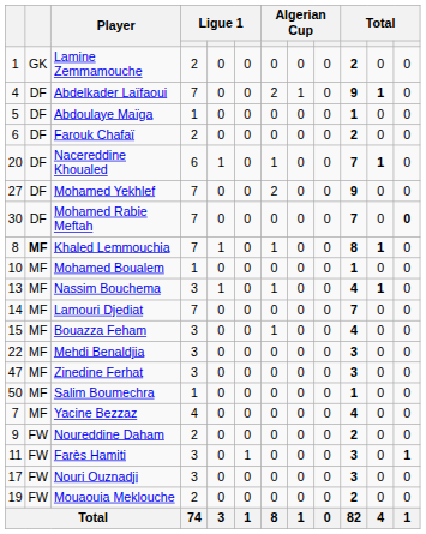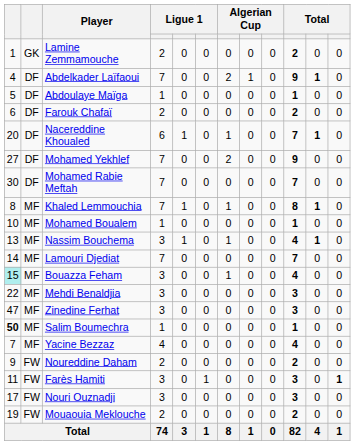 <table class="wikitable sortable nowrap" style="font-size: 96%; text-align: center;">
 <tr>
 <th rowspan="2"></th>
 <th rowspan="2"></th>
 <th rowspan="2" width=150>Player</th>
 <th colspan="3">Ligue 1</th>
 <th colspan="3">Algerian Cup</th>
 <th colspan="3">Total</th>
 </tr>
 <tr>
 <th width=25></th>
 <th width=25></th>
 <th width=25></th>
 <th width=25></th>
 <th width=25></th>
 <th width=25></th>
 <th width=25></th>
 <th width=25></th>
 <th width=25></th>
 </tr>
 <tr>
 <td>1</td>
 <td>GK</td>
 <td style="text-align:left"> <a href='#'>Lamine Zemmamouche</a></td>
 <td>2</td>
 <td>0</td>
 <td>0</td>
 <td>0</td>
 <td>0</td>
 <td>0</td>
 <td><strong>2</strong></td>
 <td>0</td>
 <td>0</td>
 </tr>
 <tr>
 <td>4</td>
 <td>DF</td>
 <td style="text-align:left"> <a href='#'>Abdelkader Laïfaoui</a></td>
 <td>7</td>
 <td>0</td>
 <td>0</td>
 <td>2</td>
 <td>1</td>
 <td>0</td>
 <td><strong>9</strong></td>
 <td><strong>1</strong></td>
 <td>0</td>
 </tr>
 <tr>
 <td>5</td>
 <td>DF</td>
 <td style="text-align:left"> <a href='#'>Abdoulaye Maïga</a></td>
 <td>1</td>
 <td>0</td>
 <td>0</td>
 <td>0</td>
 <td>0</td>
 <td>0</td>
 <td><strong>1</strong></td>
 <td>0</td>
 <td>0</td>
 </tr>
 <tr>
 <td>6</td>
 <td>DF</td>
 <td style="text-align:left"> <a href='#'>Farouk Chafaï</a></td>
 <td>2</td>
 <td>0</td>
 <td>0</td>
 <td>0</td>
 <td>0</td>
 <td>0</td>
 <td><strong>2</strong></td>
 <td>0</td>
 <td>0</td>
 </tr>
 <tr>
 <td>20</td>
 <td>DF</td>
 <td style="text-align:left"> <a href='#'>Nacereddine Khoualed</a></td>
 <td>6</td>
 <td>1</td>
 <td>0</td>
 <td>1</td>
 <td>0</td>
 <td>0</td>
 <td><strong>7</strong></td>
 <td><strong>1</strong></td>
 <td>0</td>
 </tr>
 <tr>
 <td>27</td>
 <td>DF</td>
 <td style="text-align:left"> <a href='#'>Mohamed Yekhlef</a></td>
 <td>7</td>
 <td>0</td>
 <td>0</td>
 <td>2</td>
 <td>0</td>
 <td>0</td>
 <td><strong>9</strong></td>
 <td>0</td>
 <td>0</td>
 </tr>
 <tr>
 <td>30</td>
 <td>DF</td>
 <td style="text-align:left"> <a href='#'>Mohamed Rabie Meftah</a></td>
 <td>7</td>
 <td>0</td>
 <td>0</td>
 <td>0</td>
 <td>0</td>
 <td>0</td>
 <td><strong>7</strong></td>
 <td>0</td>
-<td><strong>0</strong></td>
+<td>0</td>
 </tr>
 <tr>
 <td>8</td>
-<td><strong>MF</strong></td>
+<td>MF</td>
 <td style="text-align:left"> <a href='#'>Khaled Lemmouchia</a></td>
 <td>7</td>
 <td>1</td>
 <td>0</td>
 <td>1</td>
 <td>0</td>
 <td>0</td>
 <td><strong>8</strong></td>
 <td><strong>1</strong></td>
 <td>0</td>
 </tr>
 <tr>
 <td>10</td>
 <td>MF</td>
 <td style="text-align:left"> <a href='#'>Mohamed Boualem</a></td>
 <td>1</td>
 <td>0</td>
 <td>0</td>
 <td>0</td>
 <td>0</td>
 <td>0</td>
 <td><strong>1</strong></td>
 <td>0</td>
 <td>0</td>
 </tr>
 <tr>
 <td>13</td>
 <td>MF</td>
 <td style="text-align:left"> <a href='#'>Nassim Bouchema</a></td>
 <td>3</td>
 <td>1</td>
 <td>0</td>
 <td>1</td>
 <td>0</td>
 <td>0</td>
 <td><strong>4</strong></td>
 <td><strong>1</strong></td>
 <td>0</td>
 </tr>
 <tr>
 <td>14</td>
 <td>MF</td>
 <td style="text-align:left"> <a href='#'>Lamouri Djediat</a></td>
 <td>7</td>
 <td>0</td>
 <td>0</td>
 <td>0</td>
 <td>0</td>
 <td>0</td>
 <td><strong>7</strong></td>
 <td>0</td>
 <td>0</td>
 </tr>
 <tr>
-<td>15</td>
+<td style="background: paleturquoise;">15</td>
 <td>MF</td>
 <td style="text-align:left"> <a href='#'>Bouazza Feham</a></td>
 <td>3</td>
 <td>0</td>
 <td>0</td>
 <td>1</td>
 <td>0</td>
 <td>0</td>
 <td><strong>4</strong></td>
 <td>0</td>
 <td>0</td>
 </tr>
 <tr>
 <td>22</td>
 <td>MF</td>
 <td style="text-align:left"> <a href='#'>Mehdi Benaldjia</a></td>
 <td>3</td>
 <td>0</td>
 <td>0</td>
 <td>0</td>
 <td>0</td>
 <td>0</td>
 <td><strong>3</strong></td>
 <td>0</td>
 <td>0</td>
 </tr>
 <tr>
 <td>47</td>
 <td>MF</td>
 <td style="text-align:left"> <a href='#'>Zinedine Ferhat</a></td>
 <td>3</td>
 <td>0</td>
 <td>0</td>
 <td>0</td>
 <td>0</td>
 <td>0</td>
 <td><strong>3</strong></td>
 <td>0</td>
 <td>0</td>
 </tr>
 <tr>
-<td>50</td>
+<td><strong>50</strong></td>
 <td>MF</td>
 <td style="text-align:left"> <a href='#'>Salim Boumechra</a></td>
 <td>1</td>
 <td>0</td>
 <td>0</td>
 <td>0</td>
 <td>0</td>
 <td>0</td>
 <td><strong>1</strong></td>
 <td>0</td>
 <td>0</td>
 </tr>
 <tr>
 <td>7</td>
 <td>MF</td>
 <td style="text-align:left"> <a href='#'>Yacine Bezzaz</a></td>
 <td>4</td>
 <td>0</td>
 <td>0</td>
 <td>0</td>
 <td>0</td>
 <td>0</td>
 <td><strong>4</strong></td>
 <td>0</td>
 <td>0</td>
 </tr>
 <tr>
 <td>9</td>
 <td>FW</td>
 <td style="text-align:left"> <a href='#'>Noureddine Daham</a></td>
 <td>2</td>
 <td>0</td>
 <td>0</td>
 <td>0</td>
 <td>0</td>
 <td>0</td>
 <td><strong>2</strong></td>
 <td>0</td>
 <td>0</td>
 </tr>
 <tr>
 <td>11</td>
 <td>FW</td>
 <td style="text-align:left"> <a href='#'>Farès Hamiti</a></td>
 <td>3</td>
 <td>0</td>
 <td>1</td>
 <td>0</td>
 <td>0</td>
 <td>0</td>
 <td><strong>3</strong></td>
 <td>0</td>
 <td><strong>1</strong></td>
 </tr>
 <tr>
 <td>17</td>
 <td>FW</td>
 <td style="text-align:left"> <a href='#'>Nouri Ouznadji</a></td>
 <td>3</td>
 <td>0</td>
 <td>0</td>
 <td>0</td>
 <td>0</td>
 <td>0</td>
 <td><strong>3</strong></td>
 <td>0</td>
 <td>0</td>
 </tr>
 <tr>
 <td>19</td>
 <td>FW</td>
 <td style="text-align:left"> <a href='#'>Mouaouia Meklouche</a></td>
 <td>2</td>
 <td>0</td>
 <td>0</td>
 <td>0</td>
 <td>0</td>
 <td>0</td>
 <td><strong>2</strong></td>
 <td>0</td>
 <td>0</td>
 </tr>
 <tr>
 <th colspan="3">Total</th>
 <th>74</th>
 <th>3</th>
 <th>1</th>
 <th>8</th>
 <th>1</th>
 <th>0</th>
 <th>82</th>
 <th>4</th>
 <th>1</th>
 </tr>
 </table>
